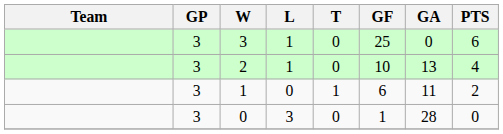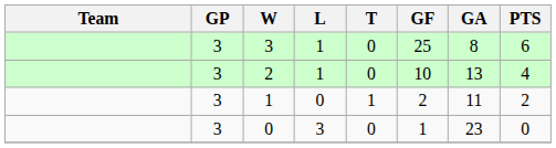 <table class="wikitable" style="text-align:center;">
 <tr>
 <th width=165>Team</th>
 <th width=40>GP</th>
 <th width=40>W</th>
 <th width=40>L</th>
 <th width=40>T</th>
 <th width=40>GF</th>
 <th width=40>GA</th>
 <th width=40>PTS</th>
 </tr>
 <tr style="background:#ccffcc">
 <td style="text-align:left;"></td>
 <td>3</td>
 <td>3</td>
 <td>1</td>
 <td>0</td>
 <td>25</td>
-<td>0</td>
+<td>8</td>
 <td>6</td>
 </tr>
 <tr style="background:#ccffcc">
 <td style="text-align:left;"></td>
 <td>3</td>
 <td>2</td>
 <td>1</td>
 <td>0</td>
 <td>10</td>
 <td>13</td>
 <td>4</td>
 </tr>
 <tr>
 <td style="text-align:left;"></td>
 <td>3</td>
 <td>1</td>
 <td>0</td>
 <td>1</td>
-<td>6</td>
+<td>2</td>
 <td>11</td>
 <td>2</td>
 </tr>
 <tr>
 <td style="text-align:left;"></td>
 <td>3</td>
 <td>0</td>
 <td>3</td>
 <td>0</td>
 <td>1</td>
-<td>28</td>
+<td>23</td>
 <td>0</td>
 </tr>
 <tr>
 </tr>
 </table>
